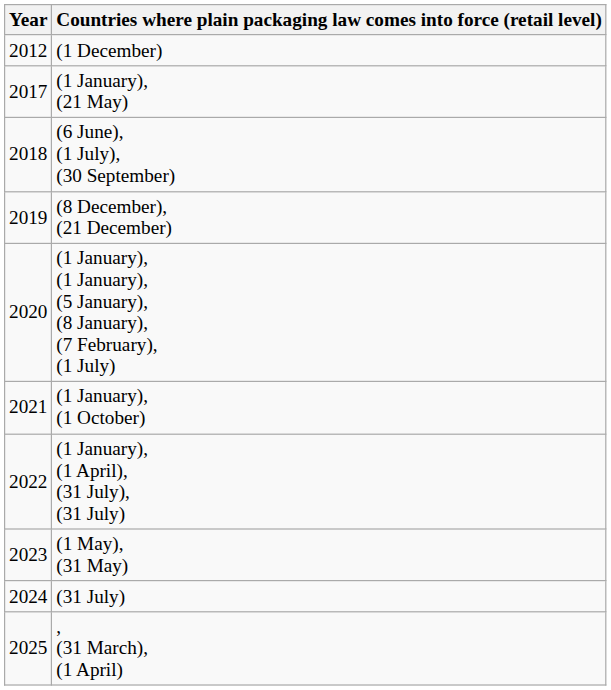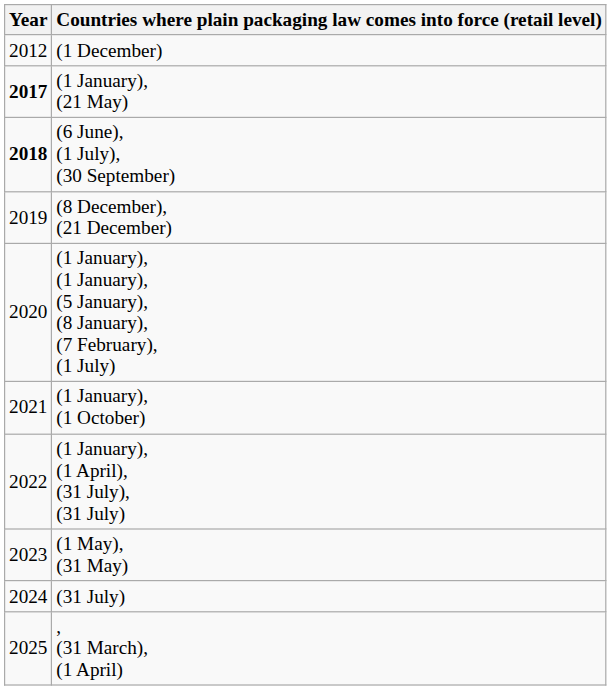 <table class="wikitable">
 <tr>
 <th>Year</th>
 <th>Countries where plain packaging law comes into force (retail level)</th>
 </tr>
 <tr>
 <td>2012</td>
 <td> (1 December)</td>
 </tr>
 <tr>
-<td>2017</td>
+<td><strong>2017</strong></td>
 <td> (1 January),<br> (21 May)</td>
 </tr>
 <tr>
-<td>2018</td>
+<td><strong>2018</strong></td>
 <td> (6 June),<br> (1 July),<br> (30 September)</td>
 </tr>
 <tr>
 <td>2019</td>
 <td> (8 December),<br> (21 December)</td>
 </tr>
 <tr>
 <td>2020</td>
 <td> (1 January),<br> (1 January),<br> (5 January),<br> (8 January),<br> (7 February),<br> (1 July)</td>
 </tr>
 <tr>
 <td>2021</td>
 <td> (1 January),<br> (1 October)</td>
 </tr>
 <tr>
 <td>2022</td>
 <td> (1 January),<br> (1 April),<br> (31 July),<br> (31 July)</td>
 </tr>
 <tr>
 <td>2023</td>
 <td> (1 May),<br> (31 May)</td>
 </tr>
 <tr>
 <td>2024</td>
 <td> (31 July)</td>
 </tr>
 <tr>
 <td>2025</td>
 <td>,<br> (31 March),<br> (1 April)</td>
 </tr>
 </table>
